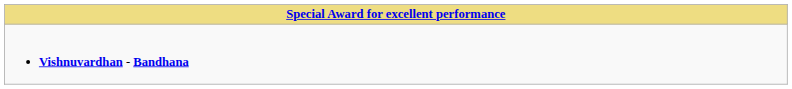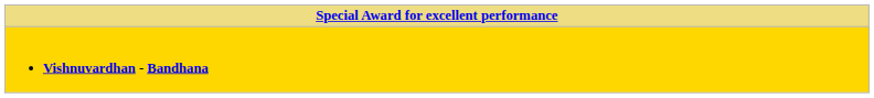 <table class="wikitable" width=50% |>
 <tr>
 <th !  style="background:#eedd82; text-align:center; width:50%;"><a href='#'>Special Award for excellent performance</a></th>
 </tr>
 <tr>
-<td valign="top"><br><ul><li><strong><a href='#'>Vishnuvardhan</a></strong> - <strong><a href='#'>Bandhana</a></strong></li></ul></td>
+<td valign="top" style="background: gold;"><br><ul><li><strong><a href='#'>Vishnuvardhan</a></strong> - <strong><a href='#'>Bandhana</a></strong></li></ul></td>
 </tr>
 </table>
